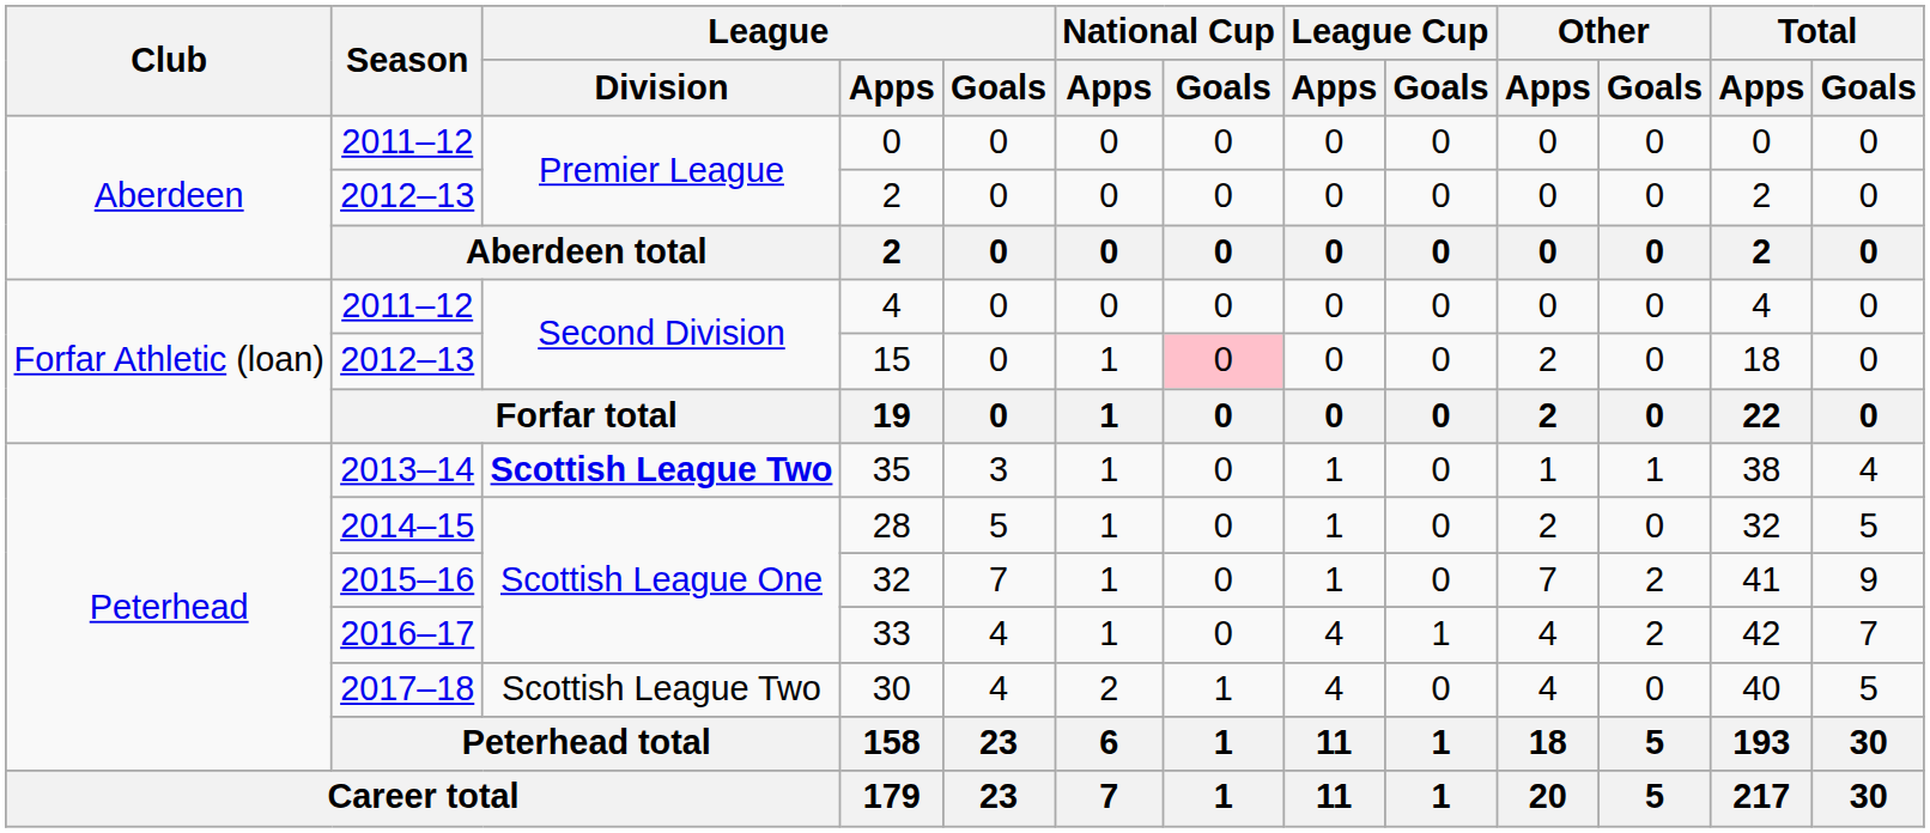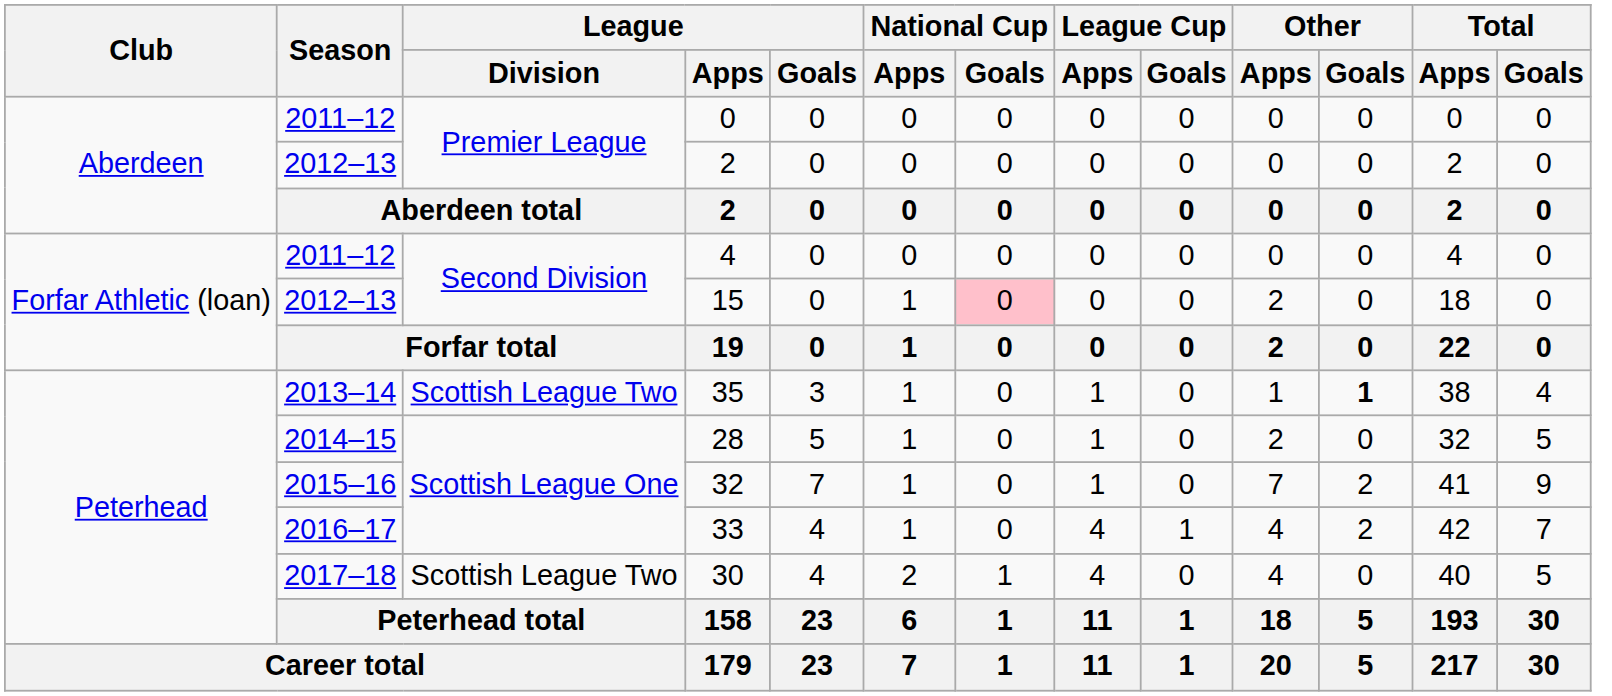 <table class="wikitable" style="text-align:center">
 <tr>
 <th rowspan=2>Club</th>
 <th rowspan=2>Season</th>
 <th colspan=3>League</th>
 <th colspan=2>National Cup</th>
 <th colspan=2>League Cup</th>
 <th colspan=2>Other</th>
 <th colspan=2>Total</th>
 </tr>
 <tr>
 <th>Division</th>
 <th>Apps</th>
 <th>Goals</th>
 <th>Apps</th>
 <th>Goals</th>
 <th>Apps</th>
 <th>Goals</th>
 <th>Apps</th>
 <th>Goals</th>
 <th>Apps</th>
 <th>Goals</th>
 </tr>
 <tr>
 <td rowspan=3><a href='#'>Aberdeen</a></td>
 <td><a href='#'>2011–12</a></td>
 <td rowspan="2"><a href='#'>Premier League</a></td>
 <td>0</td>
 <td>0</td>
 <td>0</td>
 <td>0</td>
 <td>0</td>
 <td>0</td>
 <td>0</td>
 <td>0</td>
 <td>0</td>
 <td>0</td>
 </tr>
 <tr>
 <td><a href='#'>2012–13</a></td>
 <td>2</td>
 <td>0</td>
 <td>0</td>
 <td>0</td>
 <td>0</td>
 <td>0</td>
 <td>0</td>
 <td>0</td>
 <td>2</td>
 <td>0</td>
 </tr>
 <tr>
 <th colspan="2">Aberdeen total</th>
 <th>2</th>
 <th>0</th>
 <th>0</th>
 <th>0</th>
 <th>0</th>
 <th>0</th>
 <th>0</th>
 <th>0</th>
 <th>2</th>
 <th>0</th>
 </tr>
 <tr>
 <td rowspan="3"><a href='#'>Forfar Athletic</a> (loan)</td>
 <td><a href='#'>2011–12</a></td>
 <td rowspan="2"><a href='#'>Second Division</a></td>
 <td>4</td>
 <td>0</td>
 <td>0</td>
 <td>0</td>
 <td>0</td>
 <td>0</td>
 <td>0</td>
 <td>0</td>
 <td>4</td>
 <td>0</td>
 </tr>
 <tr>
 <td><a href='#'>2012–13</a></td>
 <td>15</td>
 <td>0</td>
 <td>1</td>
 <td style="background: pink;">0</td>
 <td>0</td>
 <td>0</td>
 <td>2</td>
 <td>0</td>
 <td>18</td>
 <td>0</td>
 </tr>
 <tr>
 <th colspan="2">Forfar total</th>
 <th>19</th>
 <th>0</th>
 <th>1</th>
 <th>0</th>
 <th>0</th>
 <th>0</th>
 <th>2</th>
 <th>0</th>
 <th>22</th>
 <th>0</th>
 </tr>
 <tr>
 <td rowspan="6"><a href='#'>Peterhead</a></td>
 <td><a href='#'>2013–14</a></td>
-<td><strong><a href='#'>Scottish League Two</a></strong></td>
+<td><a href='#'>Scottish League Two</a></td>
 <td>35</td>
 <td>3</td>
 <td>1</td>
 <td>0</td>
 <td>1</td>
 <td>0</td>
 <td>1</td>
-<td>1</td>
+<td><strong>1</strong></td>
 <td>38</td>
 <td>4</td>
 </tr>
 <tr>
 <td><a href='#'>2014–15</a></td>
 <td rowspan="3"><a href='#'>Scottish League One</a></td>
 <td>28</td>
 <td>5</td>
 <td>1</td>
 <td>0</td>
 <td>1</td>
 <td>0</td>
 <td>2</td>
 <td>0</td>
 <td>32</td>
 <td>5</td>
 </tr>
 <tr>
 <td><a href='#'>2015–16</a></td>
 <td>32</td>
 <td>7</td>
 <td>1</td>
 <td>0</td>
 <td>1</td>
 <td>0</td>
 <td>7</td>
 <td>2</td>
 <td>41</td>
 <td>9</td>
 </tr>
 <tr>
 <td><a href='#'>2016–17</a></td>
 <td>33</td>
 <td>4</td>
 <td>1</td>
 <td>0</td>
 <td>4</td>
 <td>1</td>
 <td>4</td>
 <td>2</td>
 <td>42</td>
 <td>7</td>
 </tr>
 <tr>
 <td><a href='#'>2017–18</a></td>
 <td>Scottish League Two</td>
 <td>30</td>
 <td>4</td>
 <td>2</td>
 <td>1</td>
 <td>4</td>
 <td>0</td>
 <td>4</td>
 <td>0</td>
 <td>40</td>
 <td>5</td>
 </tr>
 <tr>
 <th colspan="2">Peterhead total</th>
 <th>158</th>
 <th>23</th>
 <th>6</th>
 <th>1</th>
 <th>11</th>
 <th>1</th>
 <th>18</th>
 <th>5</th>
 <th>193</th>
 <th>30</th>
 </tr>
 <tr>
 <th colspan="3">Career total</th>
 <th>179</th>
 <th>23</th>
 <th>7</th>
 <th>1</th>
 <th>11</th>
 <th>1</th>
 <th>20</th>
 <th>5</th>
 <th>217</th>
 <th>30</th>
 </tr>
 </table>
